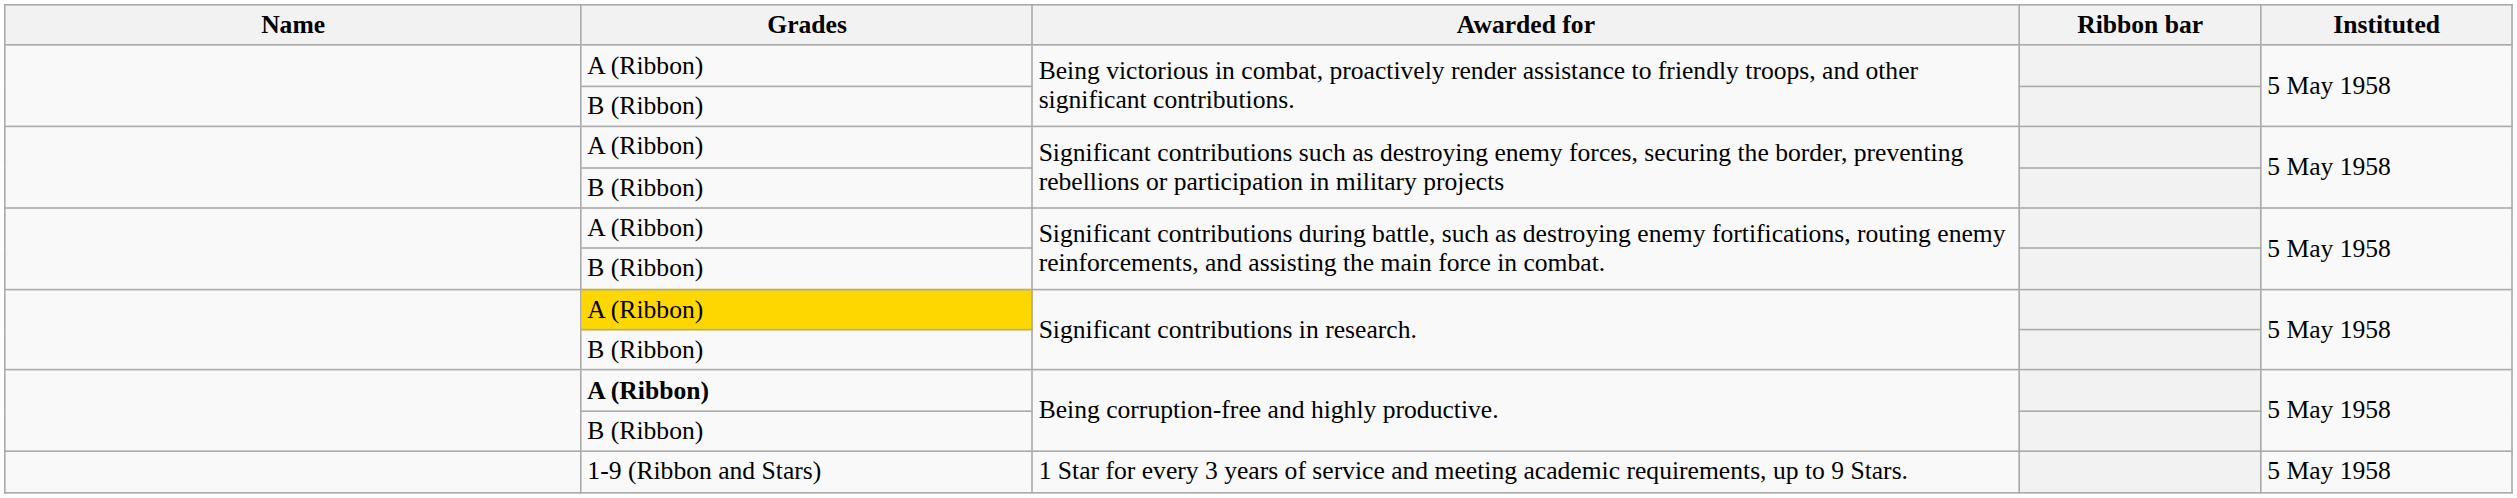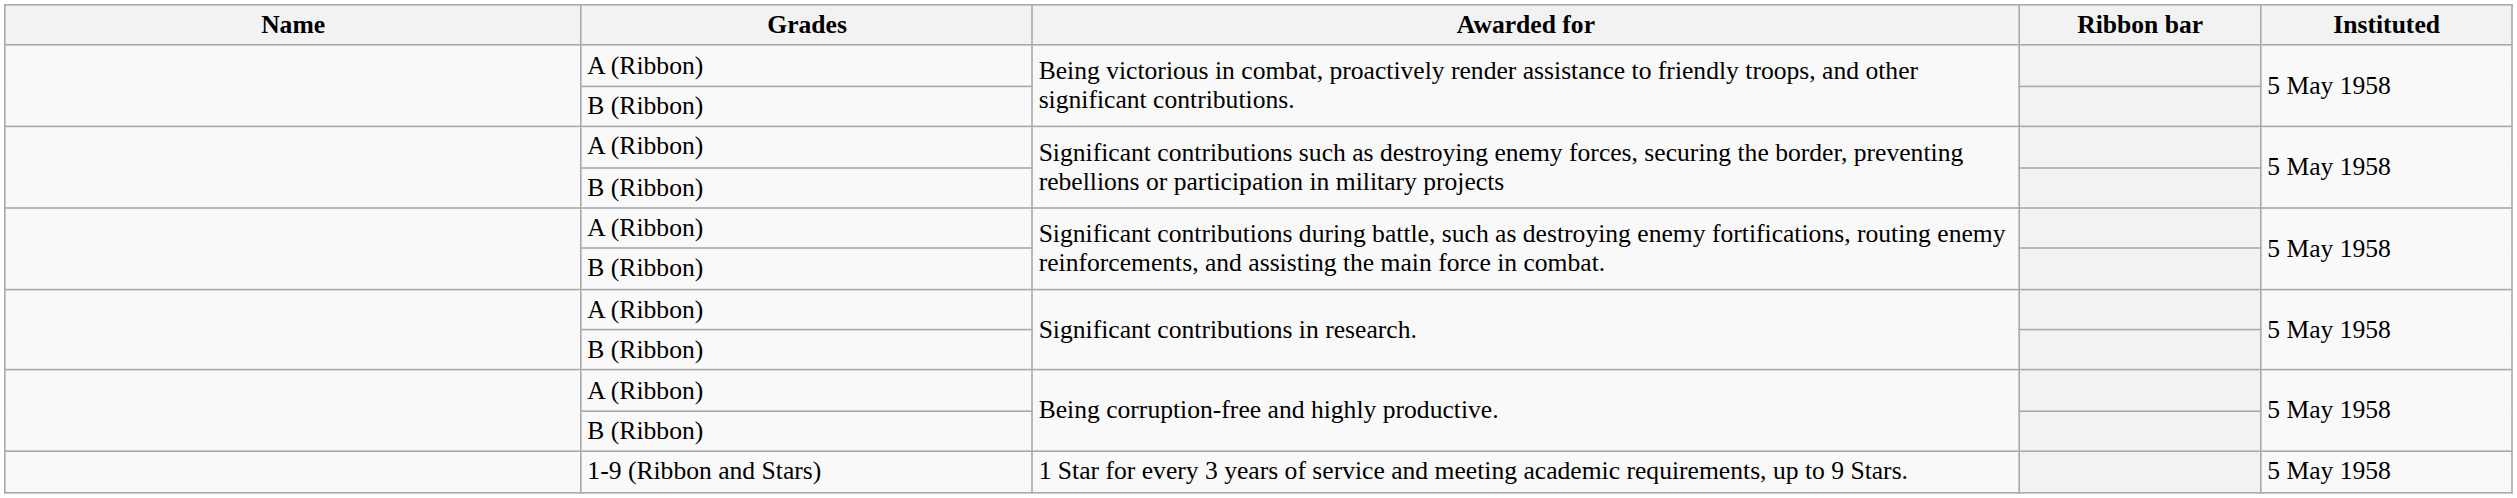 <table class="wikitable">
 <tr>
 <th width="23%">Name</th>
 <th width="18%">Grades</th>
 <th>Awarded for</th>
 <th width="144px">Ribbon bar</th>
 <th width="10%">Instituted</th>
 </tr>
 <tr>
 <td rowspan=2></td>
 <td>A (Ribbon)</td>
 <td rowspan=2>Being victorious in combat, proactively render assistance to friendly troops, and other significant contributions.</td>
 <th></th>
 <td rowspan=2>5 May 1958</td>
 </tr>
 <tr>
 <td>B (Ribbon)</td>
 <th></th>
 </tr>
 <tr>
 <td rowspan=2></td>
 <td>A (Ribbon)</td>
 <td rowspan=2>Significant contributions such as destroying enemy forces, securing the border, preventing rebellions or participation in military projects</td>
 <th></th>
 <td rowspan=2>5 May 1958</td>
 </tr>
 <tr>
 <td>B (Ribbon)</td>
 <th></th>
 </tr>
 <tr>
 <td rowspan=2></td>
 <td>A (Ribbon)</td>
 <td rowspan=2>Significant contributions during battle, such as destroying enemy fortifications, routing enemy reinforcements, and assisting the main force in combat.</td>
 <th></th>
 <td rowspan=2>5 May 1958</td>
 </tr>
 <tr>
 <td>B (Ribbon)</td>
 <th></th>
 </tr>
 <tr>
 <td rowspan=2></td>
-<td style="background: gold;">A (Ribbon)</td>
+<td>A (Ribbon)</td>
 <td rowspan=2>Significant contributions in research.</td>
 <th></th>
 <td rowspan=2>5 May 1958</td>
 </tr>
 <tr>
 <td>B (Ribbon)</td>
 <th></th>
 </tr>
 <tr>
 <td rowspan=2></td>
-<td><strong>A (Ribbon)</strong></td>
+<td>A (Ribbon)</td>
 <td rowspan=2>Being corruption-free and highly productive.</td>
 <th></th>
 <td rowspan=2>5 May 1958</td>
 </tr>
 <tr>
 <td>B (Ribbon)</td>
 <th></th>
 </tr>
 <tr>
 <td></td>
 <td>1-9 (Ribbon and Stars)</td>
 <td>1 Star for every 3 years of service and meeting academic requirements, up to 9 Stars.</td>
 <th></th>
 <td>5 May 1958</td>
 </tr>
 </table>
